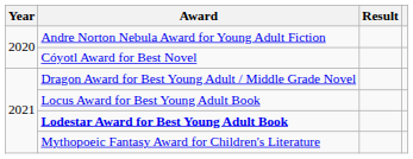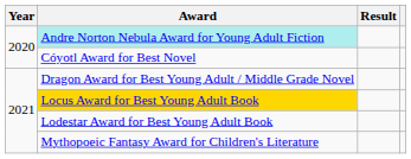 <table class="wikitable">
 <tr>
 <th>Year</th>
 <th>Award</th>
 <th>Result</th>
 <th></th>
 </tr>
 <tr>
 <td rowspan="2">2020</td>
-<td><a href='#'>Andre Norton Nebula Award for Young Adult Fiction</a></td>
+<td style="background: paleturquoise;"><a href='#'>Andre Norton Nebula Award for Young Adult Fiction</a></td>
 <td></td>
 <td></td>
 </tr>
 <tr>
 <td><a href='#'>Cóyotl Award for Best Novel</a></td>
 <td></td>
 <td></td>
 </tr>
 <tr>
 <td rowspan="4">2021</td>
 <td><a href='#'>Dragon Award for Best Young Adult / Middle Grade Novel</a></td>
 <td></td>
 <td></td>
 </tr>
 <tr>
-<td><a href='#'>Locus Award for Best Young Adult Book</a></td>
+<td style="background: gold;"><a href='#'>Locus Award for Best Young Adult Book</a></td>
 <td></td>
 <td></td>
 </tr>
 <tr>
-<td><strong><a href='#'>Lodestar Award for Best Young Adult Book</a></strong></td>
+<td><a href='#'>Lodestar Award for Best Young Adult Book</a></td>
 <td></td>
 <td></td>
 </tr>
 <tr>
 <td><a href='#'>Mythopoeic Fantasy Award for Children's Literature</a></td>
 <td></td>
 <td></td>
 </tr>
 </table>
